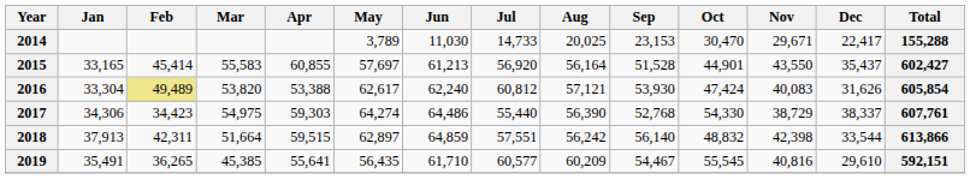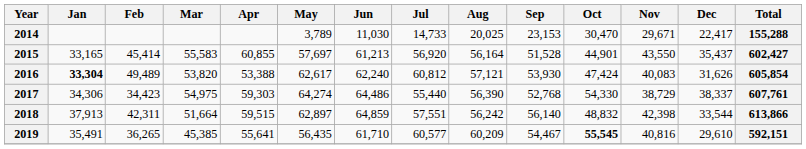 <table class=wikitable style="text-align:right; font-size:0.9em; width:950px;">
 <tr>
 <th>Year</th>
 <th>Jan</th>
 <th>Feb</th>
 <th>Mar</th>
 <th>Apr</th>
 <th>May</th>
 <th>Jun</th>
 <th>Jul</th>
 <th>Aug</th>
 <th>Sep</th>
 <th>Oct</th>
 <th>Nov</th>
 <th>Dec</th>
 <th>Total</th>
 </tr>
 <tr>
 <th>2014</th>
 <td></td>
 <td></td>
 <td></td>
 <td></td>
 <td>3,789</td>
 <td>11,030</td>
 <td>14,733</td>
 <td>20,025</td>
 <td>23,153</td>
 <td>30,470</td>
 <td>29,671</td>
 <td>22,417</td>
 <th>155,288</th>
 </tr>
 <tr>
 <th>2015</th>
 <td>33,165</td>
 <td>45,414</td>
 <td>55,583</td>
 <td>60,855</td>
 <td>57,697</td>
 <td>61,213</td>
 <td>56,920</td>
 <td>56,164</td>
 <td>51,528</td>
 <td>44,901</td>
 <td>43,550</td>
 <td>35,437</td>
 <th>602,427</th>
 </tr>
 <tr>
 <th>2016</th>
-<td>33,304</td>
-<td style="background: khaki;">49,489</td>
+<td><strong>33,304</strong></td>
+<td>49,489</td>
 <td>53,820</td>
 <td>53,388</td>
 <td>62,617</td>
 <td>62,240</td>
 <td>60,812</td>
 <td>57,121</td>
 <td>53,930</td>
 <td>47,424</td>
 <td>40,083</td>
 <td>31,626</td>
 <th>605,854</th>
 </tr>
 <tr>
 <th>2017</th>
 <td>34,306</td>
 <td>34,423</td>
 <td>54,975</td>
 <td>59,303</td>
 <td>64,274</td>
 <td>64,486</td>
 <td>55,440</td>
 <td>56,390</td>
 <td>52,768</td>
 <td>54,330</td>
 <td>38,729</td>
 <td>38,337</td>
 <th>607,761</th>
 </tr>
 <tr>
 <th>2018</th>
 <td>37,913</td>
 <td>42,311</td>
 <td>51,664</td>
 <td>59,515</td>
 <td>62,897</td>
 <td>64,859</td>
 <td>57,551</td>
 <td>56,242</td>
 <td>56,140</td>
 <td>48,832</td>
 <td>42,398</td>
 <td>33,544</td>
 <th>613,866</th>
 </tr>
 <tr>
 <th>2019</th>
 <td>35,491</td>
 <td>36,265</td>
 <td>45,385</td>
 <td>55,641</td>
 <td>56,435</td>
 <td>61,710</td>
 <td>60,577</td>
 <td>60,209</td>
 <td>54,467</td>
-<td>55,545</td>
+<td><strong>55,545</strong></td>
 <td>40,816</td>
 <td>29,610</td>
 <th>592,151</th>
 </tr>
 <tr>
 </tr>
 </table>
